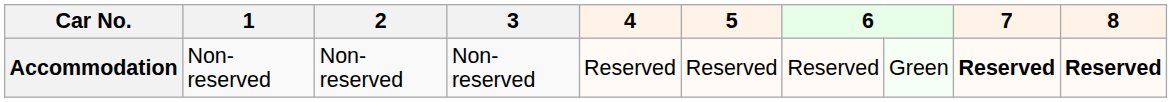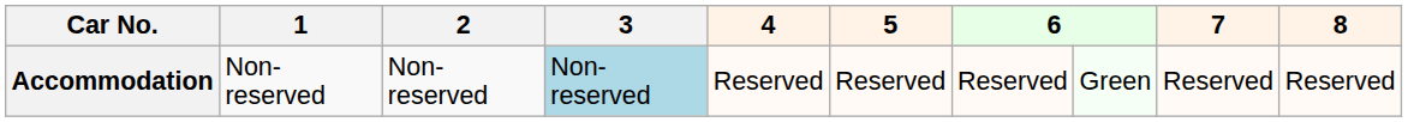 <table class="wikitable">
 <tr>
 <th>Car No.</th>
 <th>1</th>
 <th>2</th>
 <th>3</th>
 <th style="background: #FFF2E6">4</th>
 <th style="background: #FFF2E6">5</th>
 <th style="background: #E6FFE6" colspan=2>6</th>
 <th style="background: #FFF2E6">7</th>
 <th style="background: #FFF2E6">8</th>
 </tr>
 <tr>
 <th>Accommodation</th>
 <td>Non-reserved</td>
 <td>Non-reserved</td>
-<td>Non-reserved</td>
+<td style="background: lightblue;">Non-reserved</td>
 <td style="background: #FFFAF5">Reserved</td>
 <td style="background: #FFFAF5">Reserved</td>
 <td style="background: #FFFAF5">Reserved</td>
 <td style="background: #F5FFF5">Green</td>
-<td style="background: #FFFAF5"><strong>Reserved</strong></td>
-<td style="background: #FFFAF5"><strong>Reserved</strong></td>
+<td style="background: #FFFAF5">Reserved</td>
+<td style="background: #FFFAF5">Reserved</td>
 </tr>
 </table>
